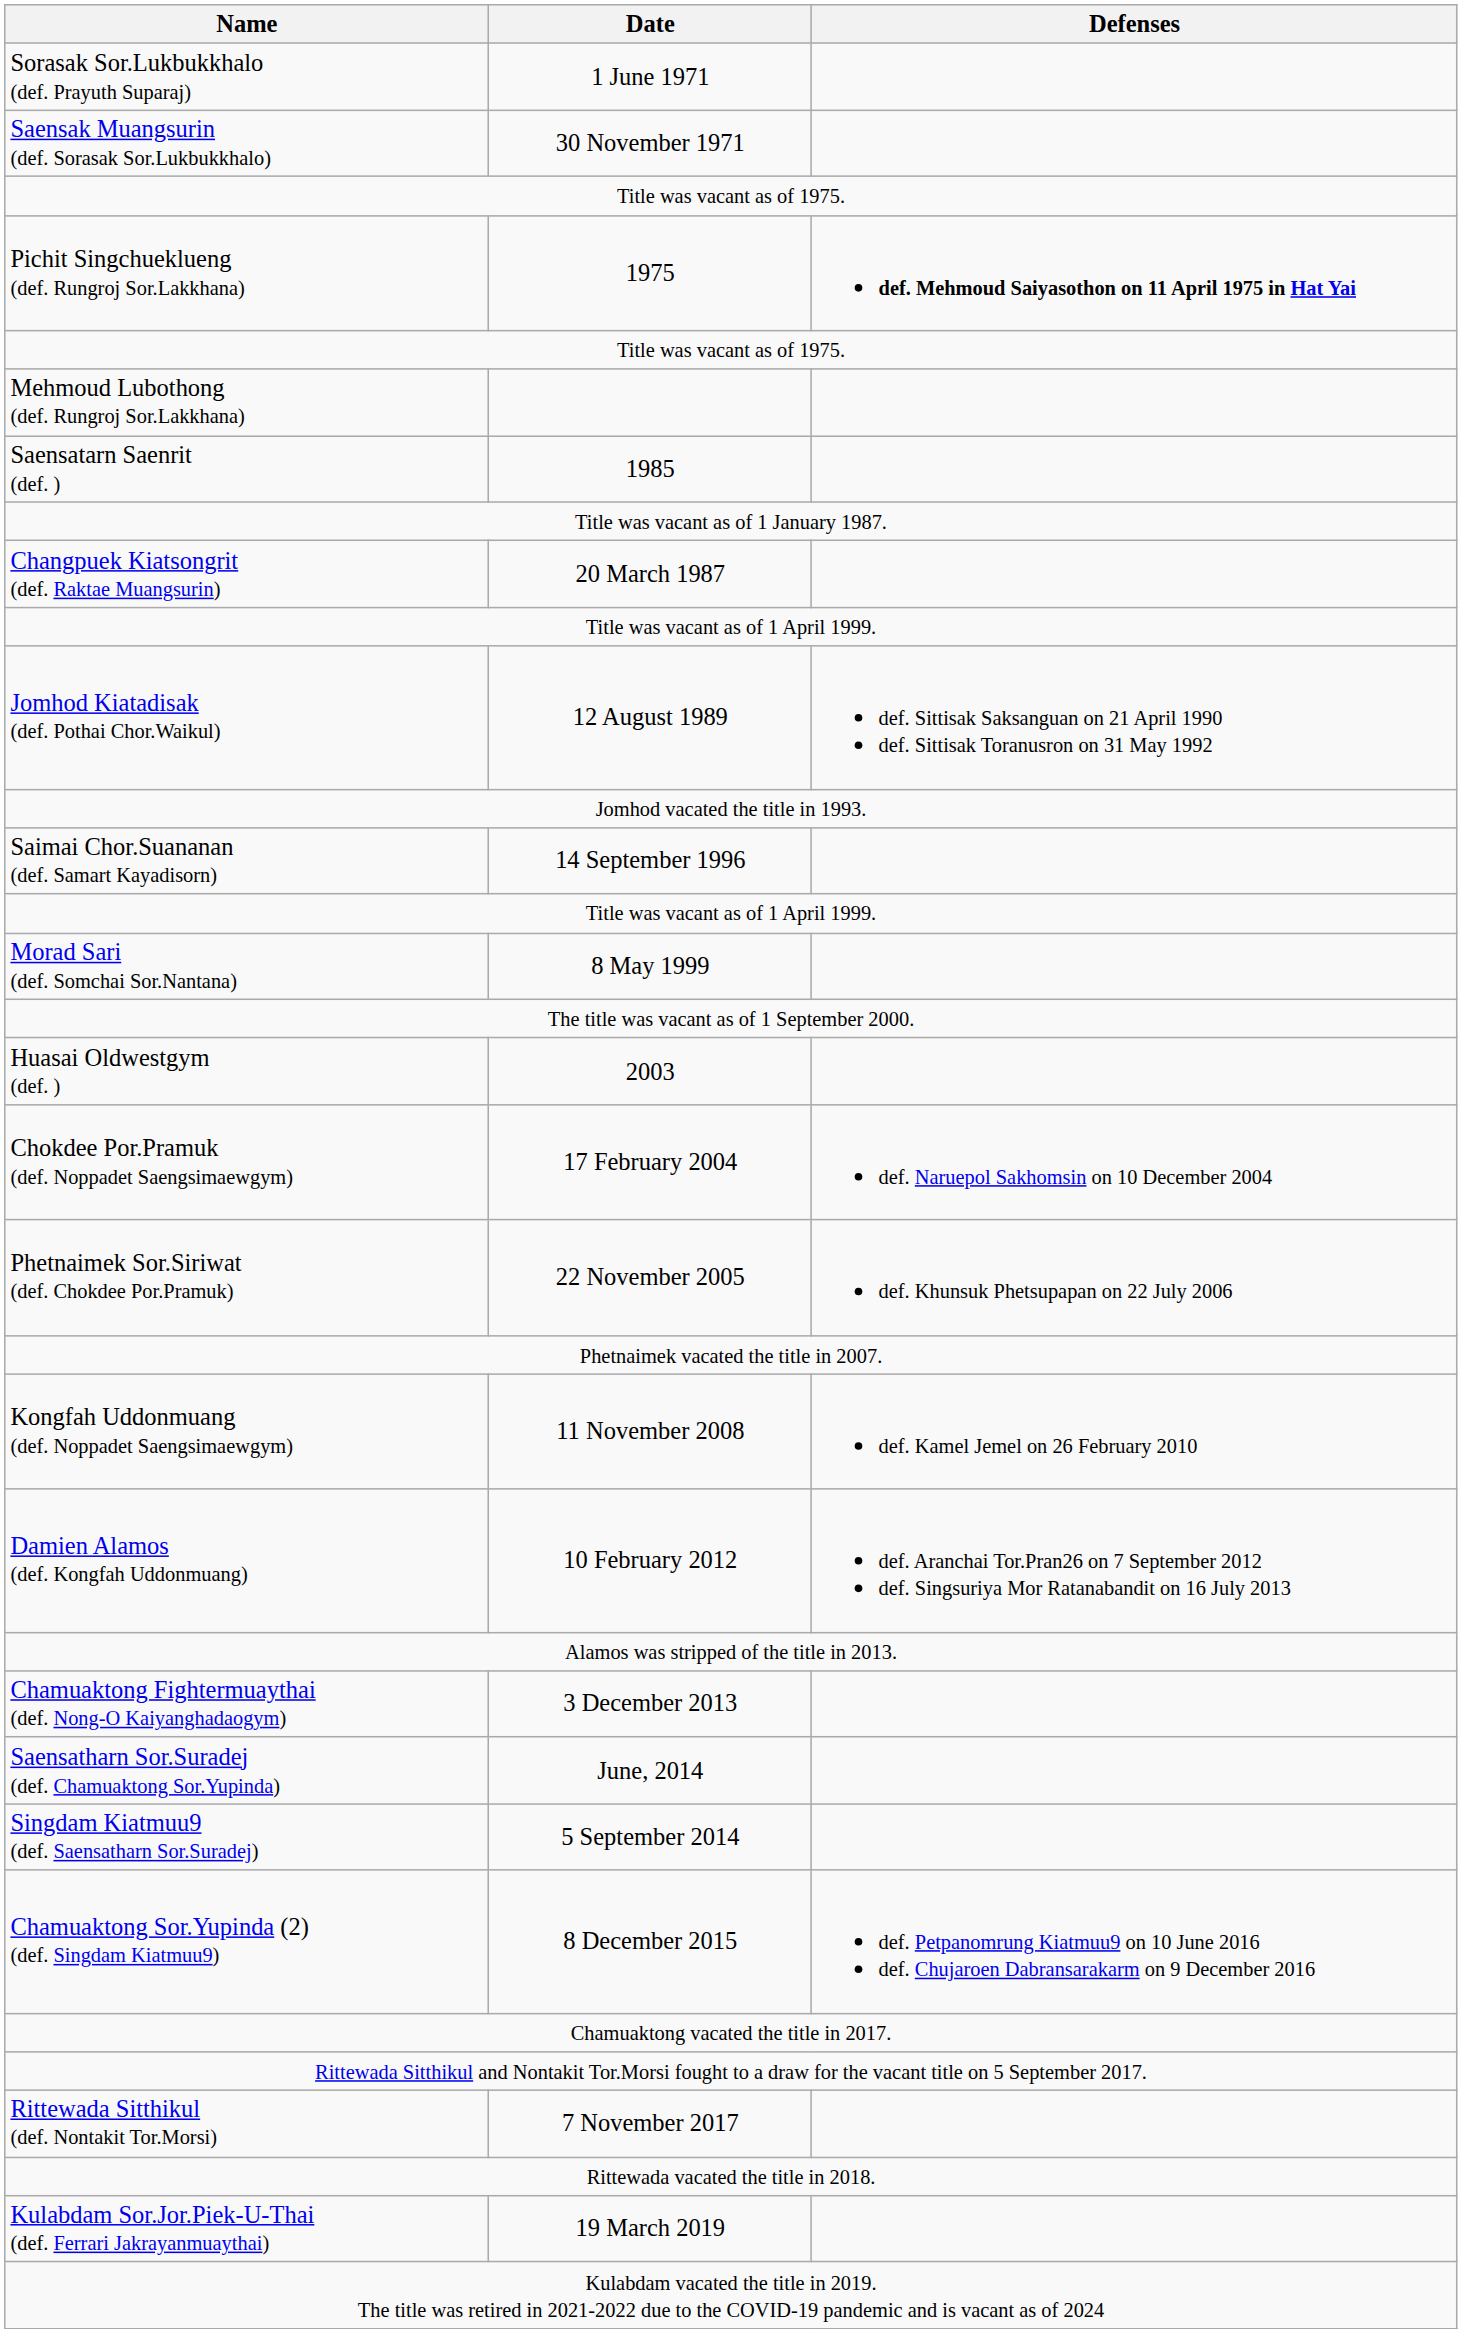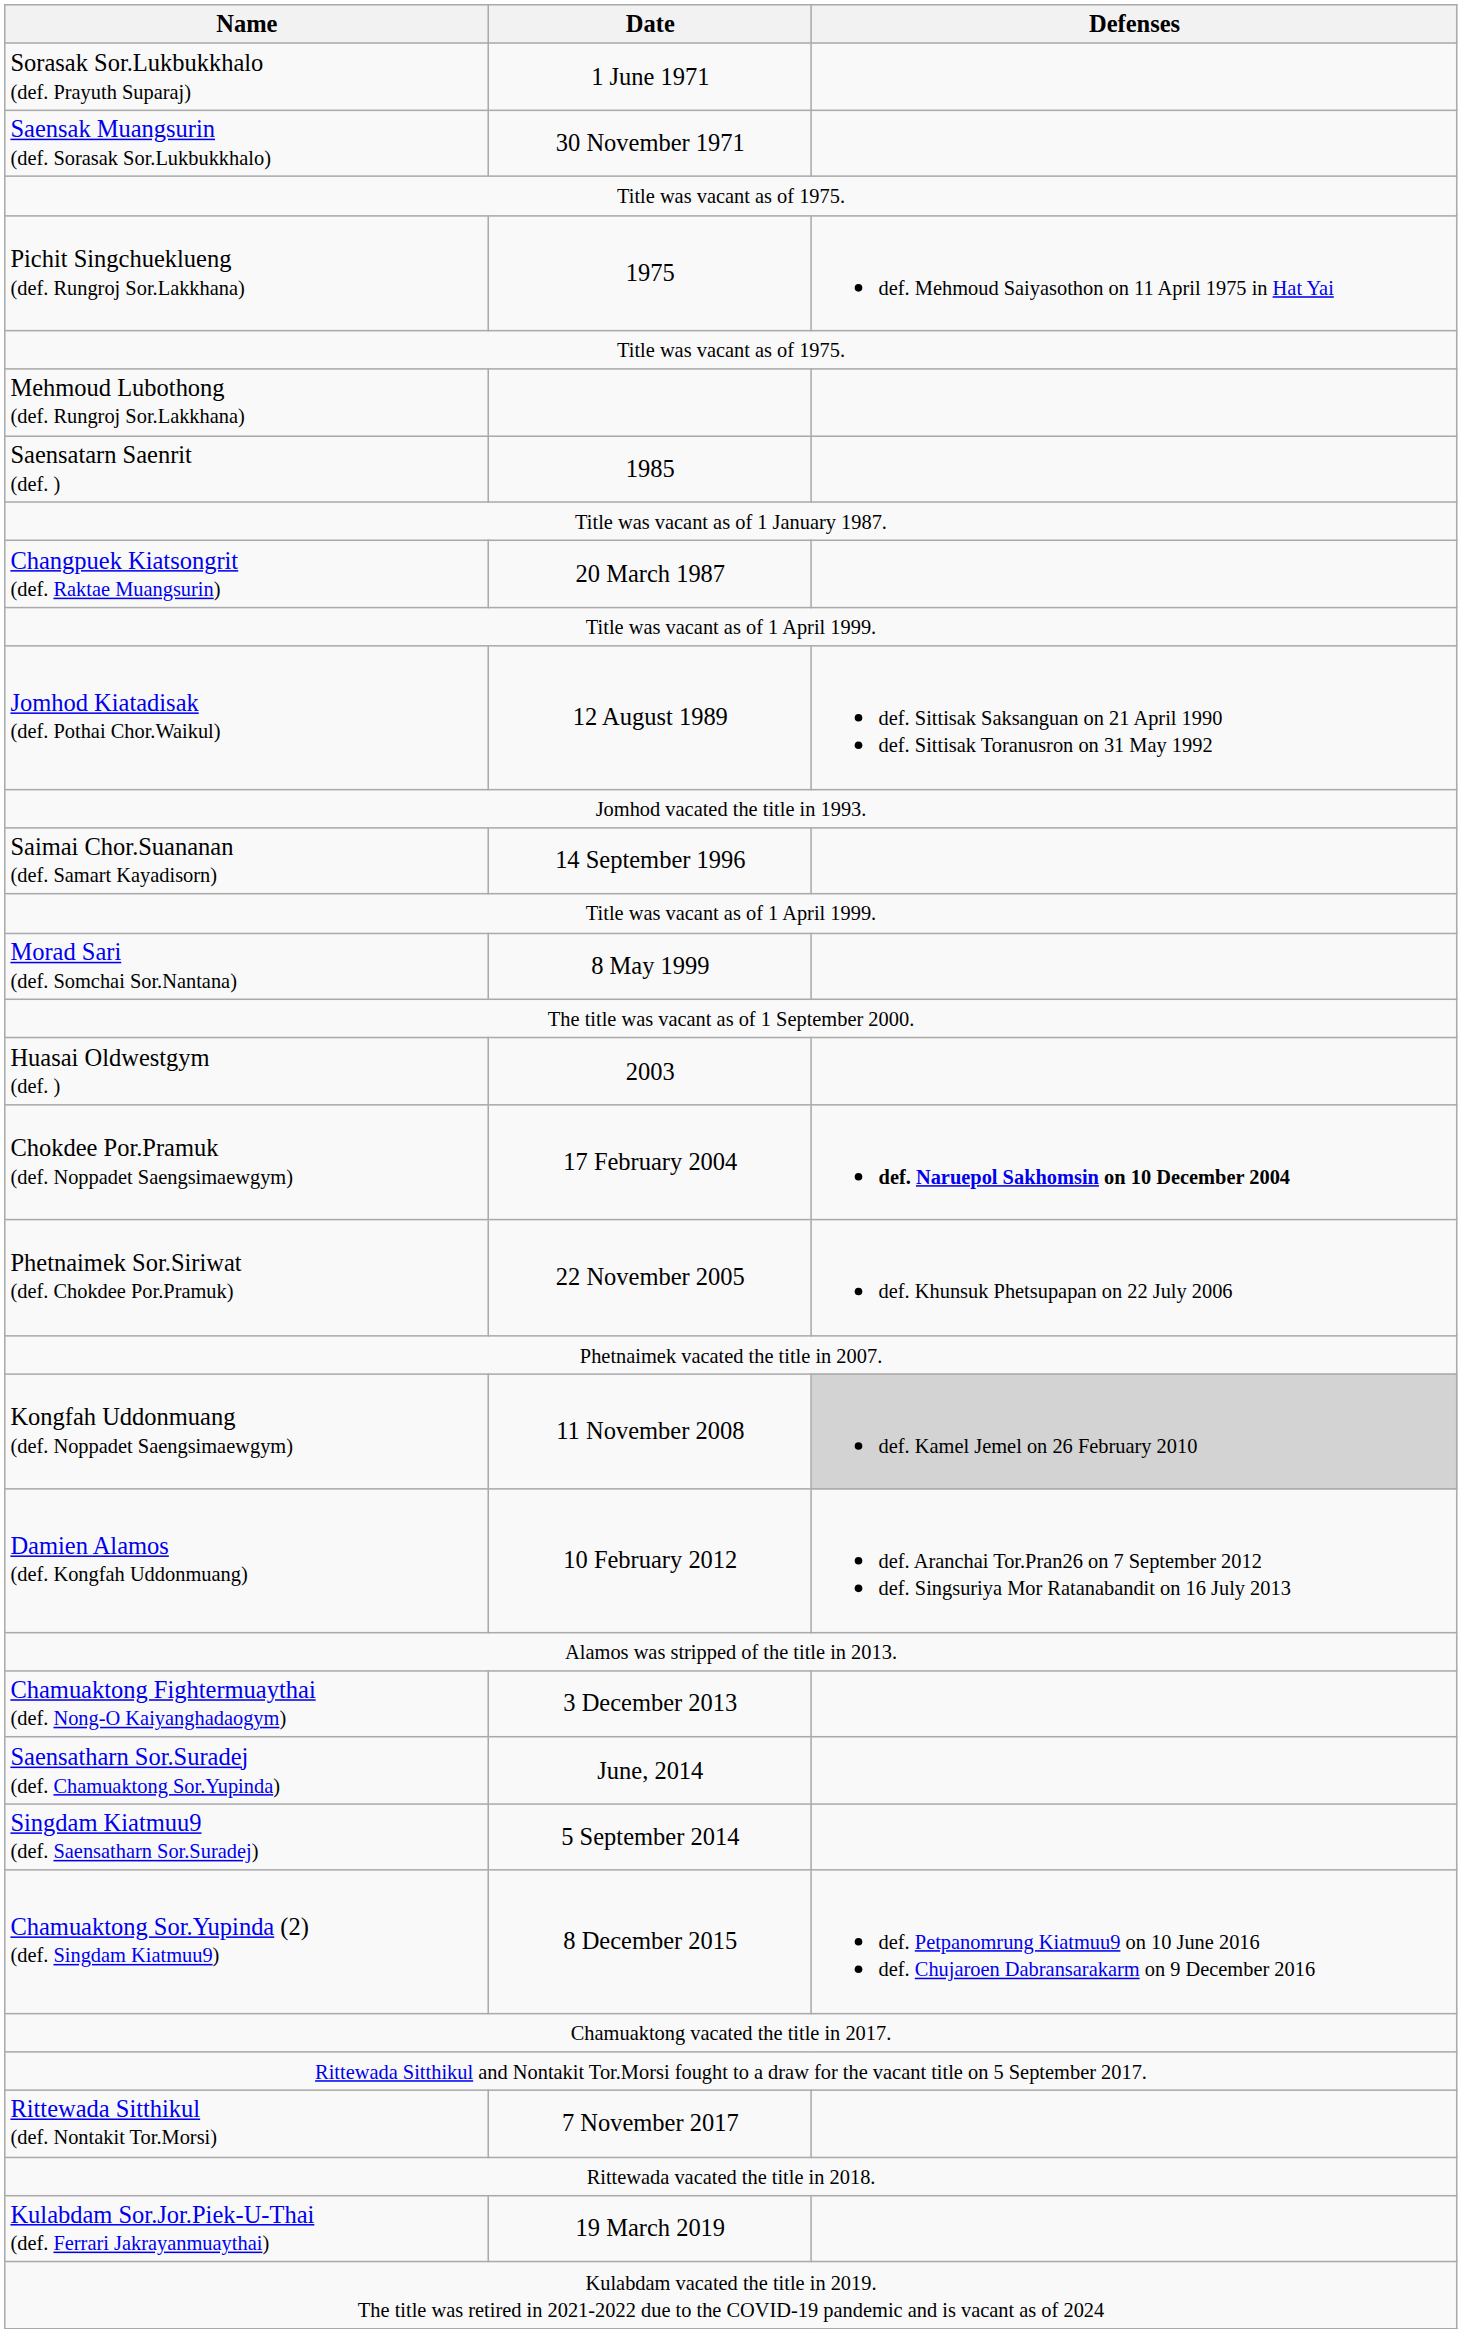 <table class="wikitable" width=60%>
 <tr>
 <th width=30%>Name</th>
 <th width=20%>Date</th>
 <th width=40%>Defenses</th>
 </tr>
 <tr>
 <td align=left> Sorasak Sor.Lukbukkhalo <br><small>(def. Prayuth Suparaj)</small></td>
 <td align=center>1 June 1971</td>
 <td></td>
 </tr>
 <tr>
 <td align=left> <a href='#'>Saensak Muangsurin</a> <br><small>(def. Sorasak Sor.Lukbukkhalo)</small></td>
 <td align=center>30 November 1971</td>
 <td></td>
 </tr>
 <tr>
 <td colspan=4 align=center><small>Title was vacant as of 1975.</small></td>
 </tr>
 <tr>
 <td align=left> Pichit Singchueklueng <br><small>(def. Rungroj Sor.Lakkhana)</small></td>
 <td align=center>1975</td>
-<td><strong><br><ul><li><small>def. Mehmoud Saiyasothon on 11 April 1975 in <a href='#'>Hat Yai</a></small></li></ul></strong></td>
+<td><br><ul><li><small>def. Mehmoud Saiyasothon on 11 April 1975 in <a href='#'>Hat Yai</a></small></li></ul></td>
 </tr>
 <tr>
 <td colspan=4 align=center><small>Title was vacant as of 1975.</small></td>
 </tr>
 <tr>
 <td align=left> Mehmoud Lubothong <br><small>(def. Rungroj Sor.Lakkhana)</small></td>
 <td align=center></td>
 <td></td>
 </tr>
 <tr>
 <td align=left> Saensatarn Saenrit <br><small>(def. )</small></td>
 <td align=center>1985</td>
 <td></td>
 </tr>
 <tr>
 <td colspan=4 align=center><small>Title was vacant as of 1 January 1987.</small></td>
 </tr>
 <tr>
 <td align=left> <a href='#'>Changpuek Kiatsongrit</a> <br><small>(def. <a href='#'>Raktae Muangsurin</a>)</small></td>
 <td align=center>20 March 1987</td>
 <td></td>
 </tr>
 <tr>
 <td colspan=4 align=center><small>Title was vacant as of 1 April 1999.</small></td>
 </tr>
 <tr>
 <td align=left> <a href='#'>Jomhod Kiatadisak</a> <br><small>(def. Pothai Chor.Waikul)</small></td>
 <td align=center>12 August 1989</td>
 <td><br><ul><li><small>def. Sittisak Saksanguan on 21 April 1990</small></li><li><small>def. Sittisak Toranusron on 31 May 1992</small></li></ul></td>
 </tr>
 <tr>
 <td colspan=4 align=center><small>Jomhod vacated the title in 1993.</small></td>
 </tr>
 <tr>
 <td align=left> Saimai Chor.Suananan <br><small>(def. Samart Kayadisorn)</small></td>
 <td align=center>14 September 1996</td>
 <td></td>
 </tr>
 <tr>
 <td colspan=4 align=center><small>Title was vacant as of 1 April 1999.</small></td>
 </tr>
 <tr>
 <td align=left> <a href='#'>Morad Sari</a> <br><small>(def. Somchai Sor.Nantana)</small></td>
 <td align=center>8 May 1999</td>
 <td></td>
 </tr>
 <tr>
 <td colspan=4 align=center><small>The title was vacant as of 1 September 2000.</small></td>
 </tr>
 <tr>
 <td align=left> Huasai Oldwestgym <br><small>(def. )</small></td>
 <td align=center>2003</td>
 <td></td>
 </tr>
 <tr>
 <td align=left> Chokdee Por.Pramuk <br><small>(def. Noppadet Saengsimaewgym)</small></td>
 <td align=center>17 February 2004</td>
-<td><br><ul><li><small>def. <a href='#'>Naruepol Sakhomsin</a> on 10 December 2004</small></li></ul></td>
+<td><strong><br><ul><li><small>def. <a href='#'>Naruepol Sakhomsin</a> on 10 December 2004</small></li></ul></strong></td>
 </tr>
 <tr>
 <td align=left> Phetnaimek Sor.Siriwat <br><small>(def. Chokdee Por.Pramuk)</small></td>
 <td align=center>22 November 2005</td>
 <td><br><ul><li><small>def. Khunsuk Phetsupapan on 22 July 2006</small></li></ul></td>
 </tr>
 <tr>
 <td colspan=4 align=center><small>Phetnaimek vacated the title in 2007.</small></td>
 </tr>
 <tr>
 <td align=left> Kongfah Uddonmuang <br><small>(def. Noppadet Saengsimaewgym)</small></td>
 <td align=center>11 November 2008</td>
-<td><br><ul><li><small>def. Kamel Jemel on 26 February 2010</small></li></ul></td>
+<td style="background: lightgrey;"><br><ul><li><small>def. Kamel Jemel on 26 February 2010</small></li></ul></td>
 </tr>
 <tr>
 <td align=left> <a href='#'>Damien Alamos</a> <br><small>(def. Kongfah Uddonmuang)</small></td>
 <td align=center>10 February 2012</td>
 <td><br><ul><li><small>def. Aranchai Tor.Pran26 on 7 September 2012</small></li><li><small>def. Singsuriya Mor Ratanabandit on 16 July 2013</small></li></ul></td>
 </tr>
 <tr>
 <td colspan=4 align=center><small>Alamos was stripped of the title in 2013.</small></td>
 </tr>
 <tr>
 <td align=left> <a href='#'>Chamuaktong Fightermuaythai</a><br><small>(def. <a href='#'>Nong-O Kaiyanghadaogym</a>)</small></td>
 <td align=center>3 December 2013</td>
 <td></td>
 </tr>
 <tr>
 <td align=left> <a href='#'>Saensatharn Sor.Suradej</a> <br><small>(def. <a href='#'>Chamuaktong Sor.Yupinda</a>)</small></td>
 <td align=center>June, 2014</td>
 <td></td>
 </tr>
 <tr>
 <td align=left> <a href='#'>Singdam Kiatmuu9</a> <br><small>(def. <a href='#'>Saensatharn Sor.Suradej</a>)</small></td>
 <td align=center>5 September 2014</td>
 <td></td>
 </tr>
 <tr>
 <td align=left> <a href='#'>Chamuaktong Sor.Yupinda</a> (2) <br><small>(def. <a href='#'>Singdam Kiatmuu9</a>)</small></td>
 <td align=center>8 December 2015</td>
 <td><br><ul><li><small>def. <a href='#'>Petpanomrung Kiatmuu9</a> on 10 June 2016</small></li><li><small>def. <a href='#'>Chujaroen Dabransarakarm</a> on 9 December 2016</small></li></ul></td>
 </tr>
 <tr>
 <td colspan=4 align=center><small>Chamuaktong vacated the title in 2017.</small></td>
 </tr>
 <tr>
 <td colspan=4 align=center><small><a href='#'>Rittewada Sitthikul</a> and Nontakit Tor.Morsi fought to a draw for the vacant title on 5 September 2017.</small></td>
 </tr>
 <tr>
 <td align=left> <a href='#'>Rittewada Sitthikul</a> <br><small>(def. Nontakit Tor.Morsi)</small></td>
 <td align=center>7 November 2017</td>
 <td></td>
 </tr>
 <tr>
 <td colspan=4 align=center><small>Rittewada vacated the title in 2018.</small></td>
 </tr>
 <tr>
 <td align=left> <a href='#'>Kulabdam Sor.Jor.Piek-U-Thai</a> <br><small>(def. <a href='#'>Ferrari Jakrayanmuaythai</a>)</small></td>
 <td align=center>19 March 2019</td>
 <td></td>
 </tr>
 <tr>
 <td colspan=4 align=center><small>Kulabdam vacated the title in 2019.<br>The title was retired in 2021-2022 due to the COVID-19 pandemic and is vacant as of 2024</small></td>
 </tr>
 <tr>
 </tr>
 </table>
